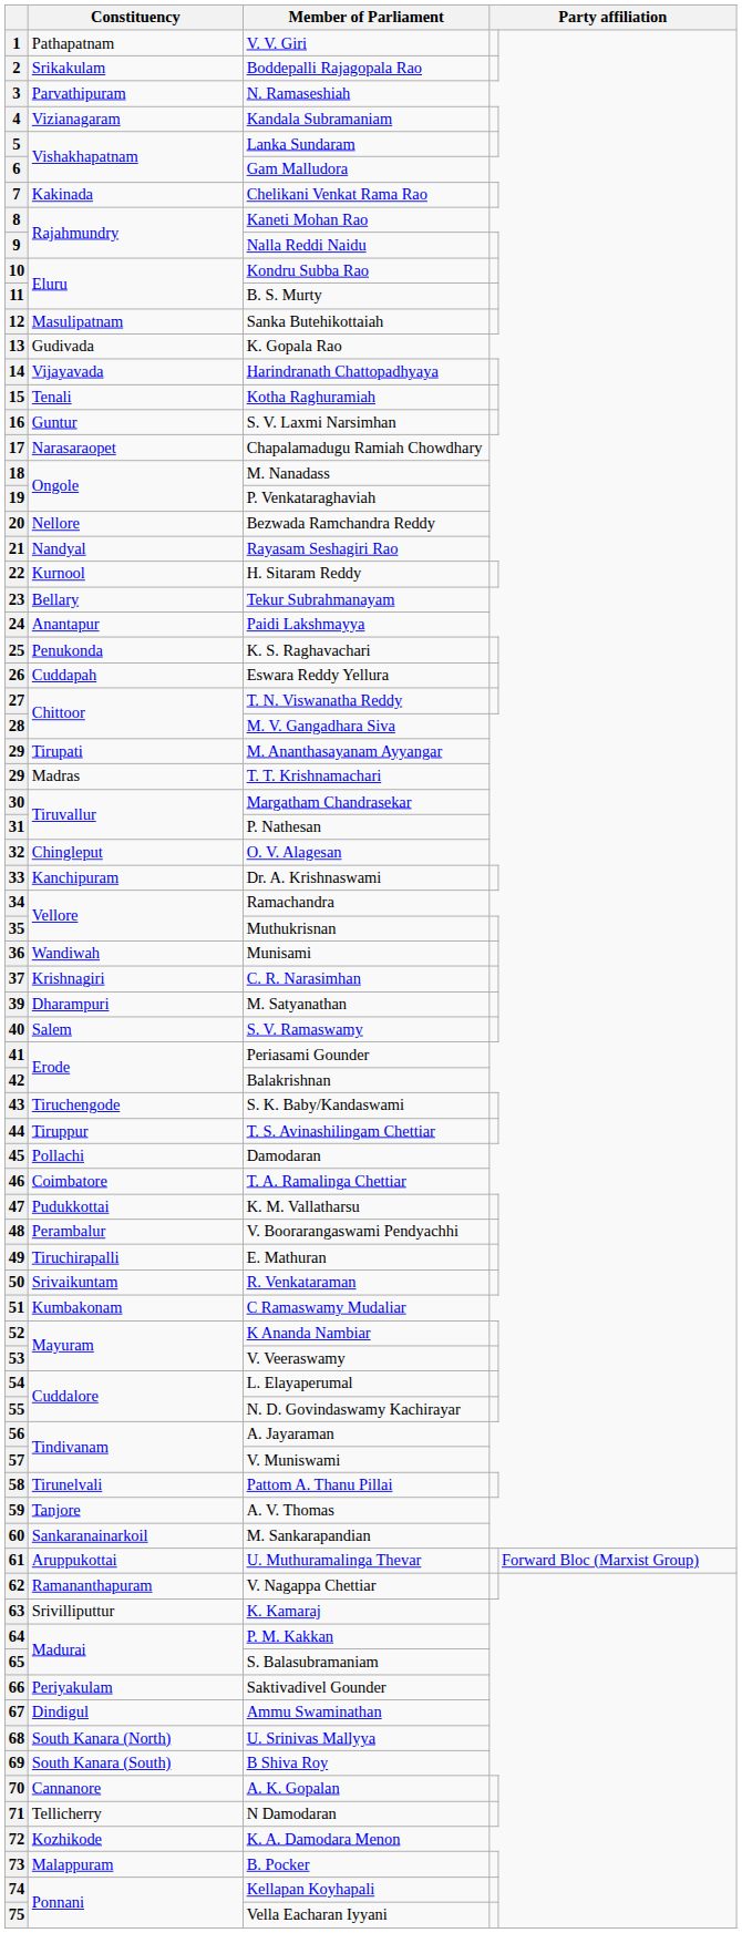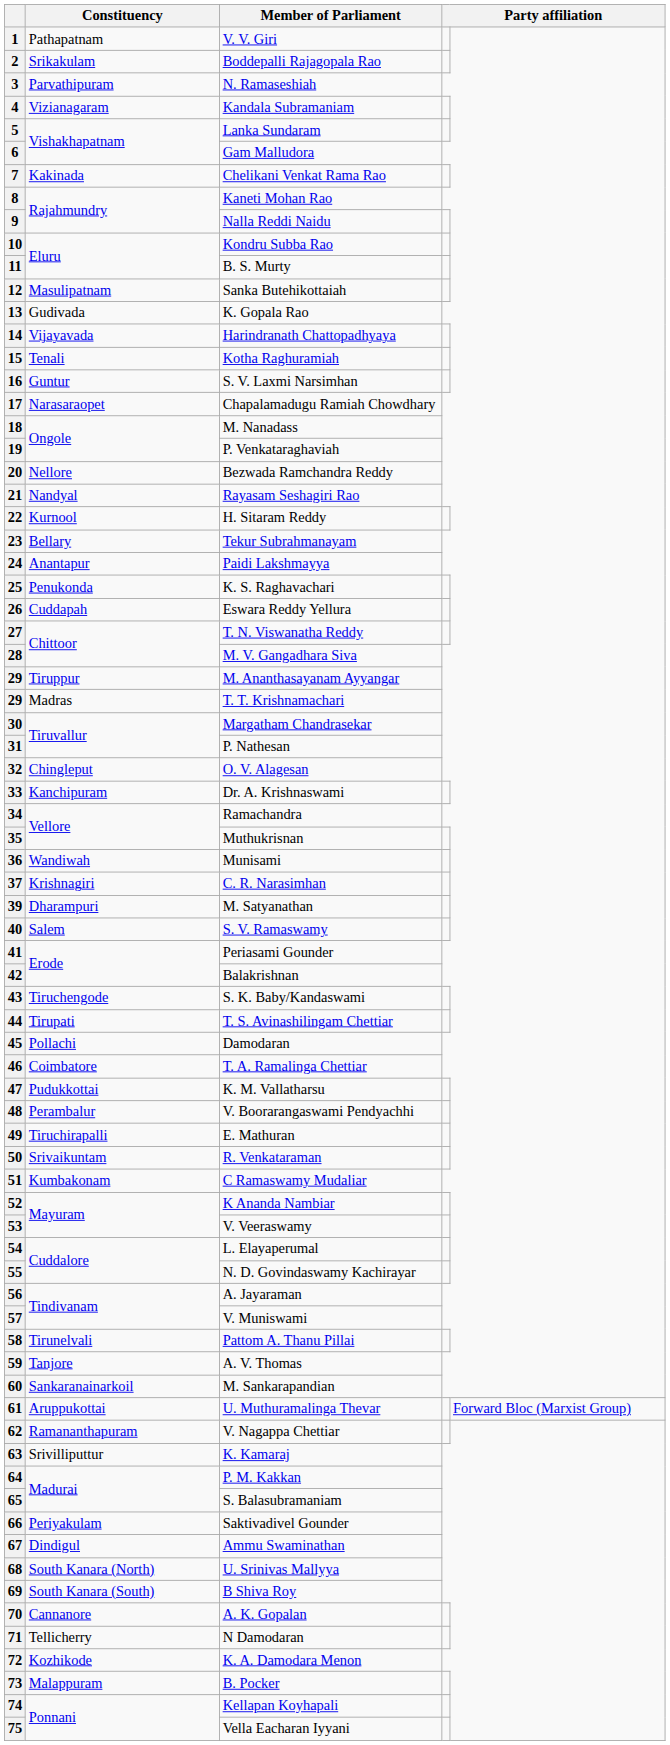 <table class="wikitable sortable">
 <tr style="text-align:center;">
 <th></th>
 <th style="width:13em">Constituency</th>
 <th style="width:15em">Member of Parliament</th>
 <th colspan="2" style="width:15em">Party affiliation</th>
 </tr>
 <tr>
 <th>1</th>
 <td>Pathapatnam</td>
 <td><a href='#'>V. V. Giri</a></td>
 <td></td>
 </tr>
 <tr>
 <th>2</th>
 <td><a href='#'>Srikakulam</a></td>
 <td><a href='#'>Boddepalli Rajagopala Rao</a></td>
 <td></td>
 </tr>
 <tr>
 <th>3</th>
 <td><a href='#'>Parvathipuram</a></td>
 <td><a href='#'>N. Ramaseshiah</a></td>
 </tr>
 <tr>
 <th>4</th>
 <td><a href='#'>Vizianagaram</a></td>
 <td><a href='#'>Kandala Subramaniam</a></td>
 <td></td>
 </tr>
 <tr>
 <th>5</th>
 <td rowspan=2><a href='#'>Vishakhapatnam</a></td>
 <td><a href='#'>Lanka Sundaram</a></td>
 <td></td>
 </tr>
 <tr>
 <th>6</th>
 <td><a href='#'>Gam Malludora</a></td>
 </tr>
 <tr>
 <th>7</th>
 <td><a href='#'>Kakinada</a></td>
 <td><a href='#'>Chelikani Venkat Rama Rao</a></td>
 <td></td>
 </tr>
 <tr>
 <th>8</th>
 <td rowspan=2><a href='#'>Rajahmundry</a></td>
 <td><a href='#'>Kaneti Mohan Rao</a></td>
 </tr>
 <tr>
 <th>9</th>
 <td><a href='#'>Nalla Reddi Naidu</a></td>
 <td></td>
 </tr>
 <tr>
 <th>10</th>
 <td rowspan=2><a href='#'>Eluru</a></td>
 <td><a href='#'>Kondru Subba Rao</a></td>
 <td></td>
 </tr>
 <tr>
 <th>11</th>
 <td>B. S. Murty</td>
 <td></td>
 </tr>
 <tr>
 <th>12</th>
 <td><a href='#'>Masulipatnam</a></td>
 <td>Sanka Butehikottaiah</td>
 <td></td>
 </tr>
 <tr>
 <th>13</th>
 <td>Gudivada</td>
 <td>K. Gopala Rao</td>
 </tr>
 <tr>
 <th>14</th>
 <td><a href='#'>Vijayavada</a></td>
 <td><a href='#'>Harindranath Chattopadhyaya</a></td>
 <td></td>
 </tr>
 <tr>
 <th>15</th>
 <td><a href='#'>Tenali</a></td>
 <td><a href='#'>Kotha Raghuramiah</a></td>
 <td></td>
 </tr>
 <tr>
 <th>16</th>
 <td><a href='#'>Guntur</a></td>
 <td>S. V. Laxmi Narsimhan</td>
 <td></td>
 </tr>
 <tr>
 <th>17</th>
 <td><a href='#'>Narasaraopet</a></td>
 <td>Chapalamadugu Ramiah Chowdhary</td>
 </tr>
 <tr>
 <th>18</th>
 <td rowspan=2><a href='#'>Ongole</a></td>
 <td>M. Nanadass</td>
 </tr>
 <tr>
 <th>19</th>
 <td>P. Venkataraghaviah</td>
 </tr>
 <tr>
 <th>20</th>
 <td><a href='#'>Nellore</a></td>
 <td>Bezwada Ramchandra Reddy</td>
 </tr>
 <tr>
 <th>21</th>
 <td><a href='#'>Nandyal</a></td>
 <td><a href='#'>Rayasam Seshagiri Rao</a></td>
 </tr>
 <tr>
 <th>22</th>
 <td><a href='#'>Kurnool</a></td>
 <td>H. Sitaram Reddy</td>
 <td></td>
 </tr>
 <tr>
 <th>23</th>
 <td><a href='#'>Bellary</a></td>
 <td><a href='#'>Tekur Subrahmanayam</a></td>
 </tr>
 <tr>
 <th>24</th>
 <td><a href='#'>Anantapur</a></td>
 <td><a href='#'>Paidi Lakshmayya</a></td>
 </tr>
 <tr>
 <th>25</th>
 <td><a href='#'>Penukonda</a></td>
 <td>K. S. Raghavachari</td>
 <td></td>
 </tr>
 <tr>
 <th>26</th>
 <td><a href='#'>Cuddapah</a></td>
 <td>Eswara Reddy Yellura</td>
 <td></td>
 </tr>
 <tr>
 <th>27</th>
 <td rowspan=2><a href='#'>Chittoor</a></td>
 <td><a href='#'>T. N. Viswanatha Reddy</a></td>
 <td></td>
 </tr>
 <tr>
 <th>28</th>
 <td><a href='#'>M. V. Gangadhara Siva</a></td>
 </tr>
 <tr>
 <th>29</th>
-<td><a href='#'>Tirupati</a></td>
+<td><a href='#'>Tiruppur</a></td>
 <td><a href='#'>M. Ananthasayanam Ayyangar</a></td>
 </tr>
 <tr>
 <th>29</th>
 <td>Madras</td>
 <td><a href='#'>T. T. Krishnamachari</a></td>
 </tr>
 <tr>
 <th>30</th>
 <td rowspan=2><a href='#'>Tiruvallur</a></td>
 <td><a href='#'>Margatham Chandrasekar</a></td>
 </tr>
 <tr>
 <th>31</th>
 <td>P. Nathesan</td>
 </tr>
 <tr>
 <th>32</th>
 <td><a href='#'>Chingleput</a></td>
 <td><a href='#'>O. V. Alagesan</a></td>
 </tr>
 <tr>
 <th>33</th>
 <td><a href='#'>Kanchipuram</a></td>
 <td>Dr. A. Krishnaswami</td>
 <td></td>
 </tr>
 <tr>
 <th>34</th>
 <td rowspan=2><a href='#'>Vellore</a></td>
 <td>Ramachandra</td>
 </tr>
 <tr>
 <th>35</th>
 <td>Muthukrisnan</td>
 <td></td>
 </tr>
 <tr>
 <th>36</th>
 <td><a href='#'>Wandiwah</a></td>
 <td>Munisami</td>
 <td></td>
 </tr>
 <tr>
 <th>37</th>
 <td><a href='#'>Krishnagiri</a></td>
 <td><a href='#'>C. R. Narasimhan</a></td>
 <td></td>
 </tr>
 <tr>
 <th>39</th>
 <td><a href='#'>Dharampuri</a></td>
 <td>M. Satyanathan</td>
 <td></td>
 </tr>
 <tr>
 <th>40</th>
 <td><a href='#'>Salem</a></td>
 <td><a href='#'>S. V. Ramaswamy</a></td>
 <td></td>
 </tr>
 <tr>
 <th>41</th>
 <td rowspan=2><a href='#'>Erode</a></td>
 <td>Periasami Gounder</td>
 </tr>
 <tr>
 <th>42</th>
 <td>Balakrishnan</td>
 </tr>
 <tr>
 <th>43</th>
 <td><a href='#'>Tiruchengode</a></td>
 <td>S. K. Baby/Kandaswami</td>
 <td></td>
 </tr>
 <tr>
 <th>44</th>
-<td><a href='#'>Tiruppur</a></td>
+<td><a href='#'>Tirupati</a></td>
 <td><a href='#'>T. S. Avinashilingam Chettiar</a></td>
 <td></td>
 </tr>
 <tr>
 <th>45</th>
 <td><a href='#'>Pollachi</a></td>
 <td>Damodaran</td>
 </tr>
 <tr>
 <th>46</th>
 <td><a href='#'>Coimbatore</a></td>
 <td><a href='#'>T. A. Ramalinga Chettiar</a></td>
 </tr>
 <tr>
 <th>47</th>
 <td><a href='#'>Pudukkottai</a></td>
 <td>K. M. Vallatharsu</td>
 <td></td>
 </tr>
 <tr>
 <th>48</th>
 <td><a href='#'>Perambalur</a></td>
 <td>V. Boorarangaswami Pendyachhi</td>
 <td></td>
 </tr>
 <tr>
 <th>49</th>
 <td><a href='#'>Tiruchirapalli</a></td>
 <td>E. Mathuran</td>
 <td></td>
 </tr>
 <tr>
 <th>50</th>
 <td><a href='#'>Srivaikuntam</a></td>
 <td><a href='#'>R. Venkataraman</a></td>
 <td></td>
 </tr>
 <tr>
 <th>51</th>
 <td><a href='#'>Kumbakonam</a></td>
 <td><a href='#'>C Ramaswamy Mudaliar</a></td>
 </tr>
 <tr>
 <th>52</th>
 <td rowspan=2><a href='#'>Mayuram</a></td>
 <td><a href='#'>K Ananda Nambiar</a></td>
 <td></td>
 </tr>
 <tr>
 <th>53</th>
 <td>V. Veeraswamy</td>
 <td></td>
 </tr>
 <tr>
 <th>54</th>
 <td rowspan=2><a href='#'>Cuddalore</a></td>
 <td>L. Elayaperumal</td>
 <td></td>
 </tr>
 <tr>
 <th>55</th>
 <td>N. D. Govindaswamy Kachirayar</td>
 <td></td>
 </tr>
 <tr>
 <th>56</th>
 <td rowspan=2><a href='#'>Tindivanam</a></td>
 <td>A. Jayaraman</td>
 </tr>
 <tr>
 <th>57</th>
 <td>V. Muniswami</td>
 </tr>
 <tr>
 <th>58</th>
 <td><a href='#'>Tirunelvali</a></td>
 <td><a href='#'>Pattom A. Thanu Pillai</a></td>
 <td></td>
 </tr>
 <tr>
 <th>59</th>
 <td><a href='#'>Tanjore</a></td>
 <td>A. V. Thomas</td>
 </tr>
 <tr>
 <th>60</th>
 <td><a href='#'>Sankaranainarkoil</a></td>
 <td>M. Sankarapandian</td>
 </tr>
 <tr>
 <th>61</th>
 <td><a href='#'>Aruppukottai</a></td>
 <td><a href='#'>U. Muthuramalinga Thevar</a></td>
 <td style="background-color: "></td>
 <td><a href='#'>Forward Bloc (Marxist Group)</a></td>
 </tr>
 <tr>
 <th>62</th>
 <td><a href='#'>Ramananthapuram</a></td>
 <td>V. Nagappa Chettiar</td>
 <td></td>
 </tr>
 <tr>
 <th>63</th>
 <td>Srivilliputtur</td>
 <td><a href='#'>K. Kamaraj</a></td>
 </tr>
 <tr>
 <th>64</th>
 <td rowspan=2><a href='#'>Madurai</a></td>
 <td><a href='#'>P. M. Kakkan</a></td>
 </tr>
 <tr>
 <th>65</th>
 <td>S. Balasubramaniam</td>
 </tr>
 <tr>
 <th>66</th>
 <td><a href='#'>Periyakulam</a></td>
 <td>Saktivadivel Gounder</td>
 </tr>
 <tr>
 <th>67</th>
 <td><a href='#'>Dindigul</a></td>
 <td><a href='#'>Ammu Swaminathan</a></td>
 </tr>
 <tr>
 <th>68</th>
 <td><a href='#'>South Kanara (North)</a></td>
 <td><a href='#'>U. Srinivas Mallyya</a></td>
 </tr>
 <tr>
 <th>69</th>
 <td><a href='#'>South Kanara (South)</a></td>
 <td><a href='#'>B Shiva Roy</a></td>
 </tr>
 <tr>
 <th>70</th>
 <td><a href='#'>Cannanore</a></td>
 <td><a href='#'>A. K. Gopalan</a></td>
 <td></td>
 </tr>
 <tr>
 <th>71</th>
 <td>Tellicherry</td>
 <td>N Damodaran</td>
 <td></td>
 </tr>
 <tr>
 <th>72</th>
 <td><a href='#'>Kozhikode</a></td>
 <td><a href='#'>K. A. Damodara Menon</a></td>
 </tr>
 <tr>
 <th>73</th>
 <td><a href='#'>Malappuram</a></td>
 <td><a href='#'>B. Pocker</a></td>
 <td></td>
 </tr>
 <tr>
 <th>74</th>
 <td rowspan=2><a href='#'>Ponnani</a></td>
 <td><a href='#'>Kellapan Koyhapali</a></td>
 <td></td>
 </tr>
 <tr>
 <th>75</th>
 <td>Vella Eacharan Iyyani</td>
 <td></td>
 </tr>
 </table>
